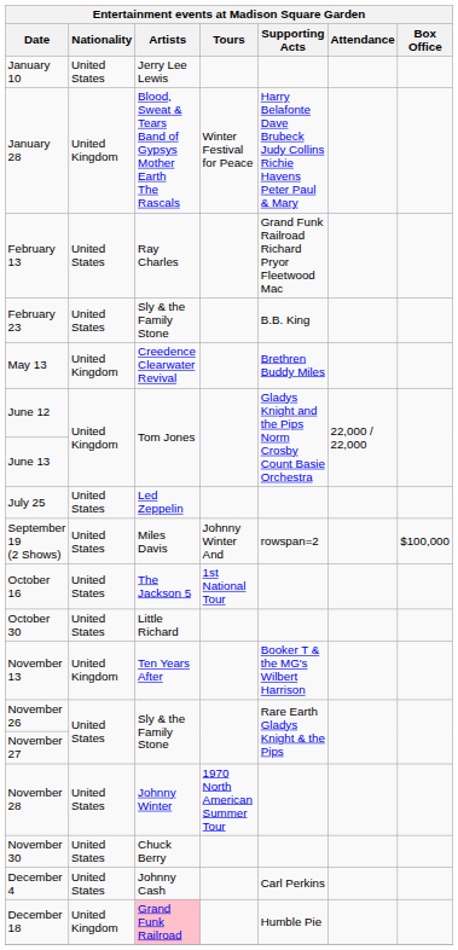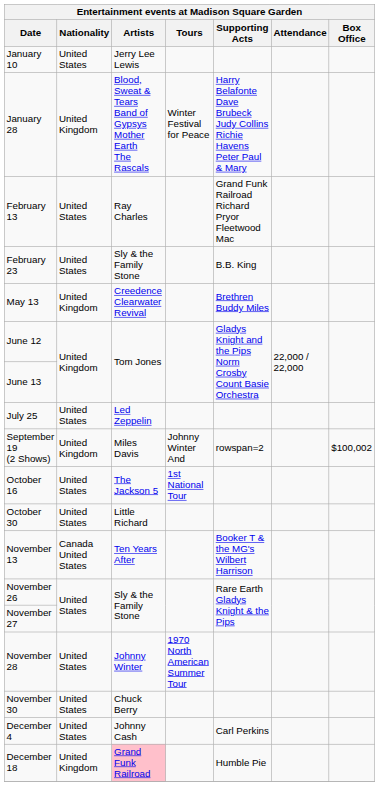 <table class="wikitable">
 <tr>
 <th colspan="7">Entertainment events at Madison Square Garden</th>
 </tr>
 <tr>
 <th width=100>Date</th>
 <th width=150>Nationality</th>
 <th width=200>Artists</th>
 <th width=300>Tours</th>
 <th width=200>Supporting Acts</th>
 <th width=100>Attendance</th>
 <th width=100>Box Office</th>
 </tr>
 <tr>
 <td>January 10</td>
 <td>United States</td>
 <td>Jerry Lee Lewis</td>
 <td></td>
 <td></td>
 <td></td>
 <td></td>
 </tr>
 <tr>
 <td>January 28</td>
 <td>United Kingdom</td>
 <td><a href='#'>Blood, Sweat & Tears</a><br><a href='#'>Band of Gypsys</a><br><a href='#'>Mother Earth</a><br><a href='#'>The Rascals</a></td>
 <td>Winter Festival for Peace</td>
 <td><a href='#'>Harry Belafonte</a><br><a href='#'>Dave Brubeck</a><br><a href='#'>Judy Collins</a><br><a href='#'>Richie Havens</a><br><a href='#'>Peter Paul & Mary</a></td>
 <td></td>
 <td></td>
 </tr>
 <tr>
 <td>February 13</td>
 <td>United States</td>
 <td>Ray Charles</td>
 <td></td>
 <td>Grand Funk Railroad<br>Richard Pryor Fleetwood Mac</td>
 <td></td>
 <td></td>
 </tr>
 <tr>
 <td>February 23</td>
 <td>United States</td>
 <td>Sly & the Family Stone</td>
 <td></td>
 <td>B.B. King</td>
 <td></td>
 <td></td>
 </tr>
 <tr>
 <td>May 13</td>
 <td>United Kingdom</td>
 <td><a href='#'>Creedence Clearwater Revival</a></td>
 <td></td>
 <td><a href='#'>Brethren</a><br><a href='#'>Buddy Miles</a></td>
 <td></td>
 <td></td>
 </tr>
 <tr>
 <td>June 12</td>
 <td rowspan="2">United Kingdom</td>
 <td rowspan="2">Tom Jones</td>
 <td rowspan="2"></td>
 <td rowspan="2"><a href='#'>Gladys Knight and the Pips</a><br><a href='#'>Norm Crosby</a><br><a href='#'>Count Basie Orchestra</a></td>
 <td rowspan="2">22,000 / 22,000</td>
 <td rowspan="2"></td>
 </tr>
 <tr>
 <td>June 13</td>
 </tr>
 <tr>
 <td>July 25</td>
 <td>United States</td>
 <td><a href='#'>Led Zeppelin</a></td>
 <td></td>
 <td></td>
 <td></td>
 <td></td>
 </tr>
 <tr>
 <td>September 19<br>(2 Shows)</td>
-<td>United States</td>
+<td>United Kingdom</td>
 <td>Miles Davis</td>
 <td>Johnny Winter And</td>
 <td>rowspan=2 </td>
 <td></td>
-<td>$100,000</td>
+<td>$100,002</td>
 </tr>
 <tr>
 <td>October 16</td>
 <td>United States</td>
 <td><a href='#'>The Jackson 5</a></td>
 <td><a href='#'>1st National Tour</a></td>
 <td></td>
 <td></td>
 </tr>
 <tr>
 <td>October 30</td>
 <td>United States</td>
 <td>Little Richard</td>
 <td></td>
 <td></td>
 <td></td>
 <td></td>
 </tr>
 <tr>
 <td>November 13</td>
-<td>United Kingdom</td>
+<td>Canada<br>United States</td>
 <td><a href='#'>Ten Years After</a></td>
 <td></td>
 <td><a href='#'>Booker T & the MG's</a><br><a href='#'>Wilbert Harrison</a></td>
 <td></td>
 <td></td>
 </tr>
 <tr>
 <td>November 26</td>
 <td rowspan="2">United States</td>
 <td rowspan="2">Sly & the Family Stone</td>
 <td rowspan="2"></td>
 <td rowspan="2">Rare Earth<br><a href='#'>Gladys Knight & the Pips</a></td>
 <td rowspan="2"></td>
 <td rowspan="2"></td>
 </tr>
 <tr>
 <td>November 27</td>
 </tr>
 <tr>
 <td>November 28</td>
 <td>United States</td>
 <td><a href='#'>Johnny Winter</a></td>
 <td><a href='#'>1970 North American Summer Tour</a></td>
 <td></td>
 <td></td>
 <td></td>
 </tr>
 <tr>
 <td>November 30</td>
 <td>United States</td>
 <td>Chuck Berry</td>
 <td></td>
 <td></td>
 <td></td>
 <td></td>
 </tr>
 <tr>
 <td>December 4</td>
 <td>United States</td>
 <td>Johnny Cash</td>
 <td></td>
 <td>Carl Perkins</td>
 <td></td>
 <td></td>
 </tr>
 <tr>
 <td>December 18</td>
 <td>United Kingdom</td>
 <td style="background: pink;"><a href='#'>Grand Funk Railroad</a></td>
 <td></td>
 <td>Humble Pie</td>
 <td></td>
 <td></td>
 </tr>
 <tr>
 </tr>
 </table>
